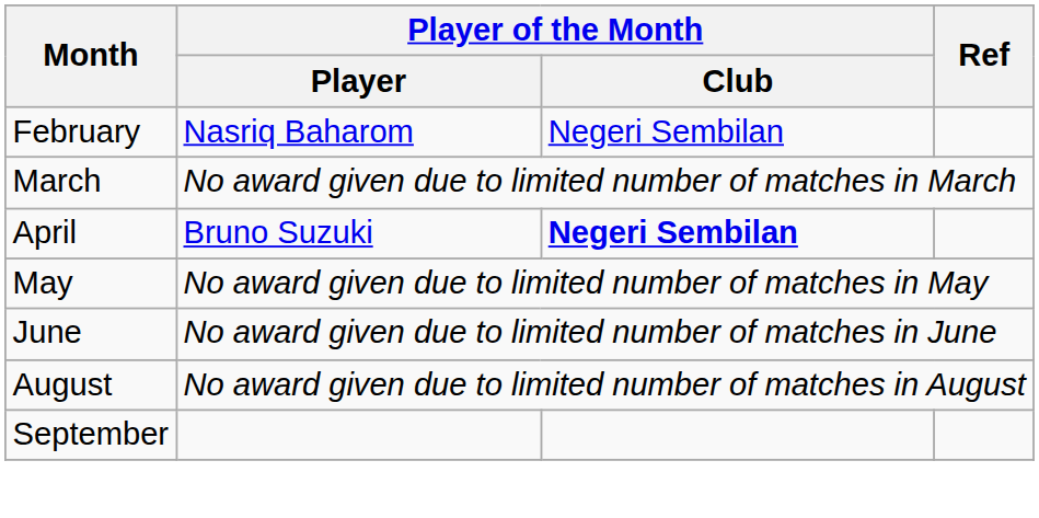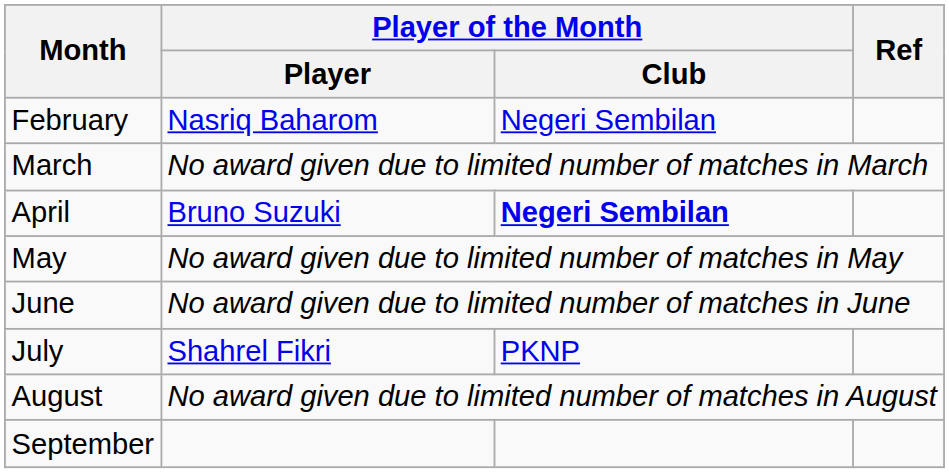 <table class="wikitable">
 <tr>
 <th rowspan="2">Month</th>
 <th colspan="2"><a href='#'>Player of the Month</a></th>
 <th rowspan="2">Ref</th>
 </tr>
 <tr>
 <th>Player</th>
 <th>Club</th>
 </tr>
 <tr>
 <td>February</td>
 <td> <a href='#'>Nasriq Baharom</a></td>
 <td><a href='#'>Negeri Sembilan</a></td>
 <td style="text-align:center;"></td>
 </tr>
 <tr>
 <td>March</td>
 <td colspan="3"><em>No award given due to limited number of matches in March</em></td>
 </tr>
 <tr>
 <td>April</td>
 <td> <a href='#'>Bruno Suzuki</a></td>
 <td><strong><a href='#'>Negeri Sembilan</a></strong></td>
 <td style="text-align:center;"></td>
 </tr>
 <tr>
 <td>May</td>
 <td colspan="3"><em>No award given due to limited number of matches in May</em></td>
 </tr>
 <tr>
 <td>June</td>
 <td colspan="3"><em>No award given due to limited number of matches in June</em></td>
 </tr>
 <tr>
+<td>July</td>
+<td> <a href='#'>Shahrel Fikri</a></td>
+<td><a href='#'>PKNP</a></td>
+<td style="text-align:center;"></td>
+</tr>
+<tr>
 <td>August</td>
 <td colspan="3"><em>No award given due to limited number of matches in August</em></td>
 </tr>
 <tr>
 <td>September</td>
 <td></td>
 <td></td>
 <td style="text-align:center;"></td>
 </tr>
 </table>
